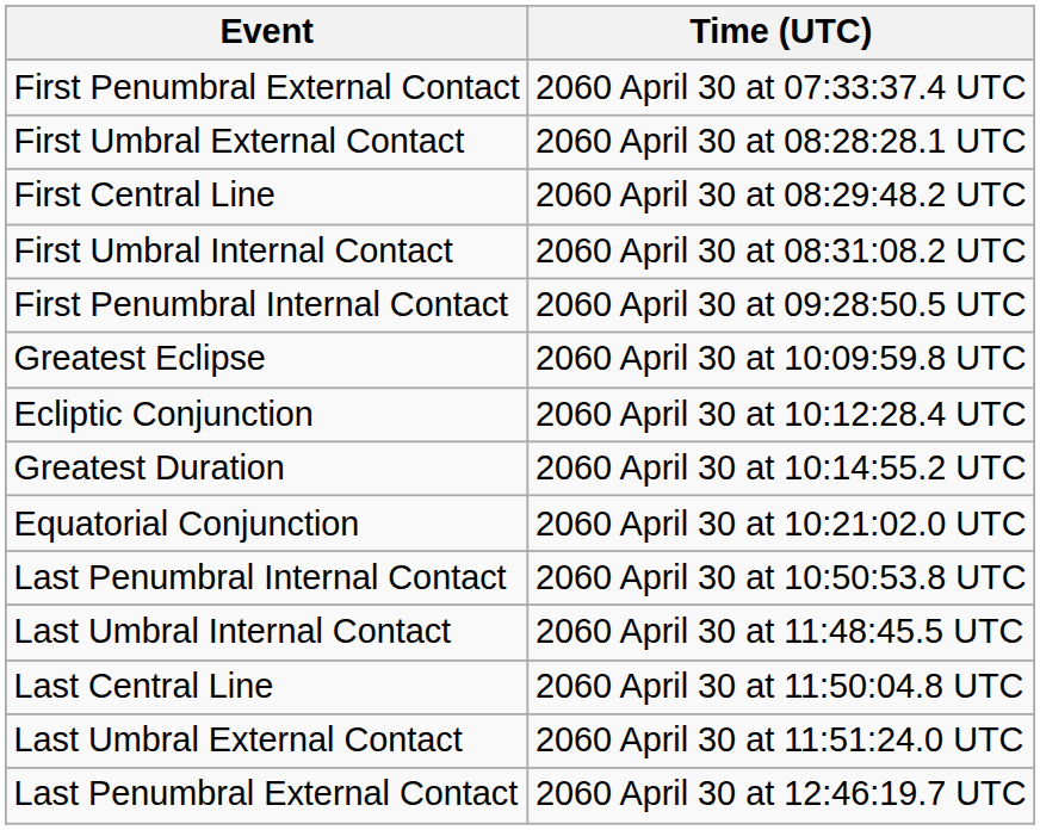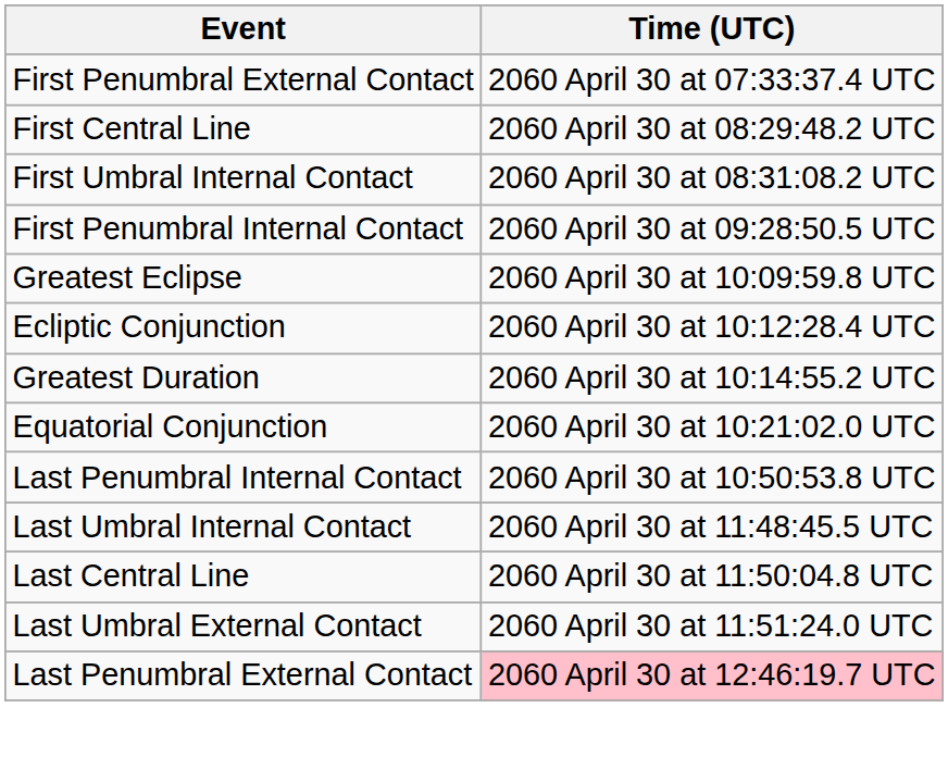 <table class="wikitable">
 <tr>
 <th>Event</th>
 <th>Time (UTC)</th>
 </tr>
 <tr>
 <td>First Penumbral External Contact</td>
 <td>2060 April 30 at 07:33:37.4 UTC</td>
-</tr>
-<tr>
-<td>First Umbral External Contact</td>
-<td>2060 April 30 at 08:28:28.1 UTC</td>
 </tr>
 <tr>
 <td>First Central Line</td>
 <td>2060 April 30 at 08:29:48.2 UTC</td>
 </tr>
 <tr>
 <td>First Umbral Internal Contact</td>
 <td>2060 April 30 at 08:31:08.2 UTC</td>
 </tr>
 <tr>
 <td>First Penumbral Internal Contact</td>
 <td>2060 April 30 at 09:28:50.5 UTC</td>
 </tr>
 <tr>
 <td>Greatest Eclipse</td>
 <td>2060 April 30 at 10:09:59.8 UTC</td>
 </tr>
 <tr>
 <td>Ecliptic Conjunction</td>
 <td>2060 April 30 at 10:12:28.4 UTC</td>
 </tr>
 <tr>
 <td>Greatest Duration</td>
 <td>2060 April 30 at 10:14:55.2 UTC</td>
 </tr>
 <tr>
 <td>Equatorial Conjunction</td>
 <td>2060 April 30 at 10:21:02.0 UTC</td>
 </tr>
 <tr>
 <td>Last Penumbral Internal Contact</td>
 <td>2060 April 30 at 10:50:53.8 UTC</td>
 </tr>
 <tr>
 <td>Last Umbral Internal Contact</td>
 <td>2060 April 30 at 11:48:45.5 UTC</td>
 </tr>
 <tr>
 <td>Last Central Line</td>
 <td>2060 April 30 at 11:50:04.8 UTC</td>
 </tr>
 <tr>
 <td>Last Umbral External Contact</td>
 <td>2060 April 30 at 11:51:24.0 UTC</td>
 </tr>
 <tr>
 <td>Last Penumbral External Contact</td>
-<td>2060 April 30 at 12:46:19.7 UTC</td>
+<td style="background: pink;">2060 April 30 at 12:46:19.7 UTC</td>
 </tr>
 </table>
